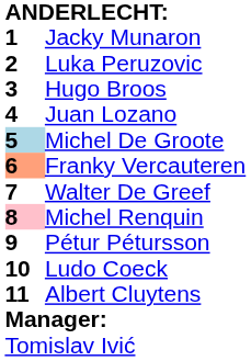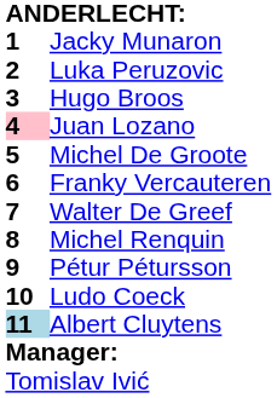 <table style="font-size: 90%" cellspacing="0" cellpadding="0" align=center>
 <tr>
 <td colspan="4"><strong>ANDERLECHT:</strong></td>
 </tr>
 <tr>
 <th width="25"></th>
 </tr>
 <tr>
 <td><strong>1</strong></td>
 <td> <a href='#'>Jacky Munaron</a></td>
 </tr>
 <tr>
 <td><strong>2</strong></td>
 <td> <a href='#'>Luka Peruzovic</a></td>
 </tr>
 <tr>
 <td><strong>3</strong></td>
 <td> <a href='#'>Hugo Broos</a></td>
 </tr>
 <tr>
-<td><strong>4</strong></td>
+<td style="background: pink;"><strong>4</strong></td>
 <td> <a href='#'>Juan Lozano</a></td>
 </tr>
 <tr>
-<td style="background: lightblue;"><strong>5</strong></td>
+<td><strong>5</strong></td>
 <td> <a href='#'>Michel De Groote</a></td>
 </tr>
 <tr>
-<td style="background: lightsalmon;"><strong>6</strong></td>
+<td><strong>6</strong></td>
 <td> <a href='#'>Franky Vercauteren</a></td>
 </tr>
 <tr>
 <td><strong>7</strong></td>
 <td> <a href='#'>Walter De Greef</a></td>
 </tr>
 <tr>
-<td style="background: pink;"><strong>8</strong></td>
+<td><strong>8</strong></td>
 <td> <a href='#'>Michel Renquin</a></td>
 </tr>
 <tr>
 <td><strong>9</strong></td>
 <td> <a href='#'>Pétur Pétursson</a></td>
 </tr>
 <tr>
 <td><strong>10</strong></td>
 <td> <a href='#'>Ludo Coeck</a></td>
 </tr>
 <tr>
-<td><strong>11</strong></td>
+<td style="background: lightblue;"><strong>11</strong></td>
 <td> <a href='#'>Albert Cluytens</a></td>
 </tr>
 <tr>
 <td colspan=4><strong>Manager:</strong></td>
 </tr>
 <tr>
 <td colspan="4"> <a href='#'>Tomislav Ivić</a></td>
 </tr>
 </table>
